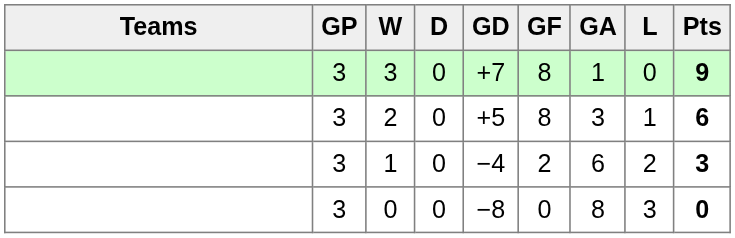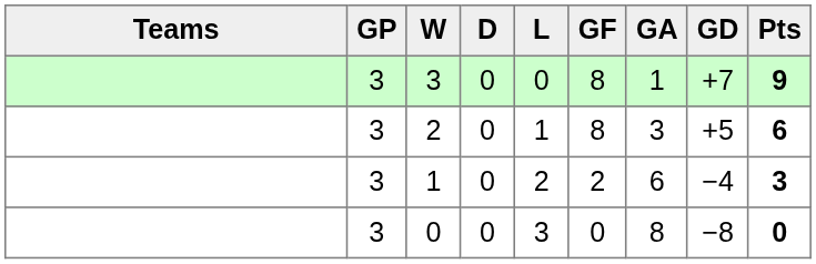 <table style=border-collapse:collapse border=1 cellspacing=0 cellpadding=5>
 <tr align=center bgcolor=#efefef>
 <th width=185>Teams</th>
 <th width=20>GP</th>
 <th width=20>W</th>
 <th width=20>D</th>
-<th width=20>GD</th>
+<th width=20>L</th>
 <th width=20>GF</th>
 <th width=20>GA</th>
-<th width=20>L</th>
+<th width=20>GD</th>
 <th width=20>Pts<br></th>
 </tr>
 <tr align=center bgcolor=#ccffcc>
 <td style="text-align:left;"><strong></strong></td>
 <td>3</td>
 <td>3</td>
 <td>0</td>
-<td>+7</td>
+<td>0</td>
 <td>8</td>
 <td>1</td>
-<td>0</td>
+<td>+7</td>
 <td><strong>9</strong></td>
 </tr>
 <tr align=center>
 <td style="text-align:left;"></td>
 <td>3</td>
 <td>2</td>
 <td>0</td>
-<td>+5</td>
+<td>1</td>
 <td>8</td>
 <td>3</td>
-<td>1</td>
+<td>+5</td>
 <td><strong>6</strong></td>
 </tr>
 <tr align=center>
 <td style="text-align:left;"></td>
 <td>3</td>
 <td>1</td>
 <td>0</td>
-<td>−4</td>
+<td>2</td>
 <td>2</td>
 <td>6</td>
-<td>2</td>
+<td>−4</td>
 <td><strong>3</strong></td>
 </tr>
 <tr align=center>
 <td style="text-align:left;"></td>
 <td>3</td>
 <td>0</td>
 <td>0</td>
-<td>−8</td>
+<td>3</td>
 <td>0</td>
 <td>8</td>
-<td>3</td>
+<td>−8</td>
 <td><strong>0</strong></td>
 </tr>
 </table>
